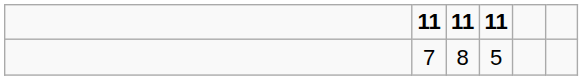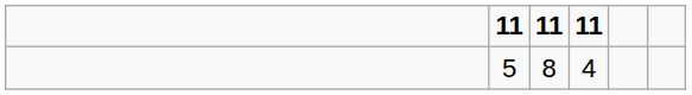 <table class="wikitable">
 <tr>
 <td style="width:18em"><strong></strong></td>
 <td align=center style="width:1em"><strong>11</strong></td>
 <td align=center style="width:1em"><strong>11</strong></td>
 <td align=center style="width:1em"><strong>11</strong></td>
 <td align=center style="width:1em"></td>
 <td align=center style="width:1em"></td>
 </tr>
 <tr>
 <td style="width:18em"></td>
-<td align=center style="width:1em">7</td>
+<td align=center style="width:1em">5</td>
 <td align=center style="width:1em">8</td>
-<td align=center style="width:1em">5</td>
+<td align=center style="width:1em">4</td>
 <td align=center style="width:1em"></td>
 <td align=center style="width:1em"></td>
 </tr>
 </table>
